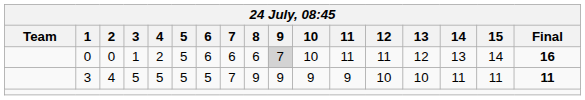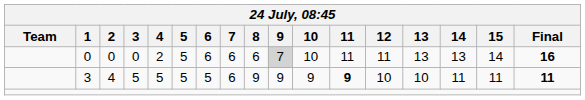 <table class=wikitable style="text-align:center; width: 55%">
 <tr>
 <th colspan=17><em>24 July, 08:45</em></th>
 </tr>
 <tr>
 <th>Team</th>
 <th>1</th>
 <th>2</th>
 <th>3</th>
 <th>4</th>
 <th>5</th>
 <th>6</th>
 <th>7</th>
 <th>8</th>
 <th>9</th>
 <th>10</th>
 <th>11</th>
 <th>12</th>
 <th>13</th>
 <th>14</th>
 <th>15</th>
 <th>Final</th>
 </tr>
 <tr>
 <td align=left><strong></strong></td>
 <td>0</td>
 <td>0</td>
-<td>1</td>
+<td>0</td>
 <td>2</td>
 <td>5</td>
 <td>6</td>
 <td>6</td>
 <td>6</td>
 <td style="background: lightgrey;">7</td>
 <td>10</td>
 <td>11</td>
 <td>11</td>
-<td>12</td>
+<td>13</td>
 <td>13</td>
 <td>14</td>
 <td><strong>16</strong></td>
 </tr>
 <tr>
 <td align=left></td>
 <td>3</td>
 <td>4</td>
 <td>5</td>
 <td>5</td>
 <td>5</td>
 <td>5</td>
-<td>7</td>
+<td>6</td>
 <td>9</td>
 <td>9</td>
 <td>9</td>
-<td>9</td>
+<td><strong>9</strong></td>
 <td>10</td>
 <td>10</td>
 <td>11</td>
 <td>11</td>
 <td><strong>11</strong></td>
 </tr>
 <tr>
 <td colspan=17></td>
 </tr>
 </table>
